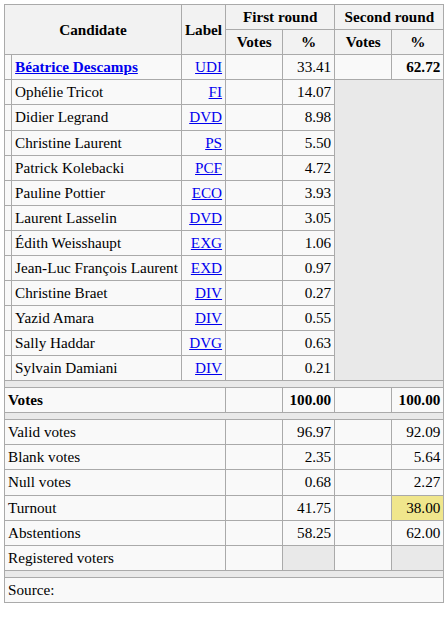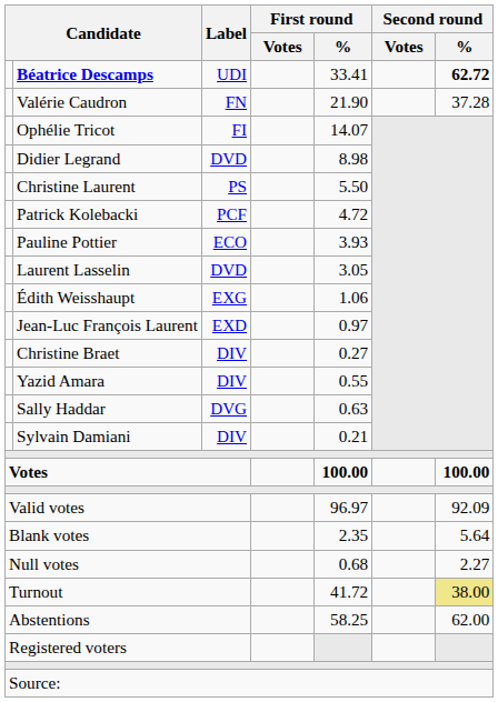 <table class="wikitable" style="text-align:right;font-size:95%;">
 <tr>
 <th rowspan="2" colspan="2">Candidate</th>
 <th rowspan="2">Label</th>
 <th colspan="2">First round</th>
 <th colspan="2">Second round</th>
 </tr>
 <tr>
 <th style="width:50px;">Votes</th>
 <th style="width:45px;">%</th>
 <th style="width:50px;">Votes</th>
 <th style="width:45px;">%</th>
 </tr>
 <tr>
 <td style="color:inherit;background:"></td>
 <td style="text-align:left;"><strong><a href='#'>Béatrice Descamps</a></strong></td>
 <td><a href='#'>UDI</a></td>
 <td></td>
 <td>33.41</td>
 <td><strong></strong></td>
 <td><strong>62.72</strong></td>
+</tr>
+<tr>
+<td style="color:inherit;background:"></td>
+<td style="text-align:left;">Valérie Caudron</td>
+<td><a href='#'>FN</a></td>
+<td></td>
+<td>21.90</td>
+<td></td>
+<td>37.28</td>
 </tr>
 <tr>
 <td style="color:inherit;background:"></td>
 <td style="text-align:left;">Ophélie Tricot</td>
 <td><a href='#'>FI</a></td>
 <td></td>
 <td>14.07</td>
 <td colspan="2" rowspan="12" style="background:#E9E9E9;"></td>
 </tr>
 <tr>
 <td style="color:inherit;background:"></td>
 <td style="text-align:left;">Didier Legrand</td>
 <td><a href='#'>DVD</a></td>
 <td></td>
 <td>8.98</td>
 </tr>
 <tr>
 <td style="color:inherit;background:"></td>
 <td style="text-align:left;">Christine Laurent</td>
 <td><a href='#'>PS</a></td>
 <td></td>
 <td>5.50</td>
 </tr>
 <tr>
 <td style="color:inherit;background:"></td>
 <td style="text-align:left;">Patrick Kolebacki</td>
 <td><a href='#'>PCF</a></td>
 <td></td>
 <td>4.72</td>
 </tr>
 <tr>
 <td style="color:inherit;background:"></td>
 <td style="text-align:left;">Pauline Pottier</td>
 <td><a href='#'>ECO</a></td>
 <td></td>
 <td>3.93</td>
 </tr>
 <tr>
 <td style="color:inherit;background:"></td>
 <td style="text-align:left;">Laurent Lasselin</td>
 <td><a href='#'>DVD</a></td>
 <td></td>
 <td>3.05</td>
 </tr>
 <tr>
 <td style="color:inherit;background:"></td>
 <td style="text-align:left;">Édith Weisshaupt</td>
 <td><a href='#'>EXG</a></td>
 <td></td>
 <td>1.06</td>
 </tr>
 <tr>
 <td style="color:inherit;background:"></td>
 <td style="text-align:left;">Jean-Luc François Laurent</td>
 <td><a href='#'>EXD</a></td>
 <td></td>
 <td>0.97</td>
 </tr>
 <tr>
 <td style="color:inherit;background:"></td>
 <td style="text-align:left;">Christine Braet</td>
 <td><a href='#'>DIV</a></td>
 <td></td>
 <td>0.27</td>
 </tr>
 <tr>
 <td style="color:inherit;background:"></td>
 <td style="text-align:left;">Yazid Amara</td>
 <td><a href='#'>DIV</a></td>
 <td></td>
 <td>0.55</td>
 </tr>
 <tr>
 <td style="color:inherit;background:"></td>
 <td style="text-align:left;">Sally Haddar</td>
 <td><a href='#'>DVG</a></td>
 <td></td>
 <td>0.63</td>
 </tr>
 <tr>
 <td style="color:inherit;background:"></td>
 <td style="text-align:left;">Sylvain Damiani</td>
 <td><a href='#'>DIV</a></td>
 <td></td>
 <td>0.21</td>
 </tr>
 <tr>
 <td colspan="7" style="background:#E9E9E9;"></td>
 </tr>
 <tr style="font-weight:bold;">
 <td colspan="3" style="text-align:left;">Votes</td>
 <td></td>
 <td>100.00</td>
 <td></td>
 <td>100.00</td>
 </tr>
 <tr>
 <td colspan="7" style="background:#E9E9E9;"></td>
 </tr>
 <tr>
 <td colspan="3" style="text-align:left;">Valid votes</td>
 <td></td>
 <td>96.97</td>
 <td></td>
 <td>92.09</td>
 </tr>
 <tr>
 <td colspan="3" style="text-align:left;">Blank votes</td>
 <td></td>
 <td>2.35</td>
 <td></td>
 <td>5.64</td>
 </tr>
 <tr>
 <td colspan="3" style="text-align:left;">Null votes</td>
 <td></td>
 <td>0.68</td>
 <td></td>
 <td>2.27</td>
 </tr>
 <tr>
 <td colspan="3" style="text-align:left;">Turnout</td>
 <td></td>
-<td>41.75</td>
+<td>41.72</td>
 <td></td>
 <td style="background: khaki;">38.00</td>
 </tr>
 <tr>
 <td colspan="3" style="text-align:left;">Abstentions</td>
 <td></td>
 <td>58.25</td>
 <td></td>
 <td>62.00</td>
 </tr>
 <tr>
 <td colspan="3" style="text-align:left;">Registered voters</td>
 <td></td>
 <td style="background:#E9E9E9;"></td>
 <td></td>
 <td style="background:#E9E9E9;"></td>
 </tr>
 <tr>
 <td colspan="7" style="background:#E9E9E9;"></td>
 </tr>
 <tr>
 <td colspan="7" style="text-align:left;">Source: </td>
 </tr>
 </table>
